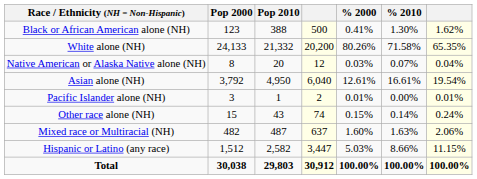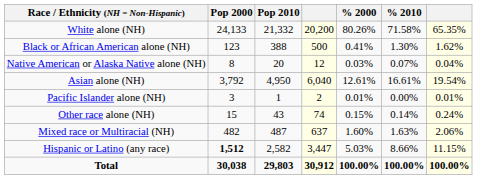 <table class="wikitable" style="text-align:center;">
 <tr>
 <th>Race / Ethnicity <small>(<em>NH = Non-Hispanic</em>)</small></th>
 <th>Pop 2000</th>
 <th>Pop 2010</th>
 <th></th>
 <th>% 2000</th>
 <th>% 2010</th>
 <th></th>
 </tr>
 <tr>
+<td><a href='#'>White</a> alone (NH)</td>
+<td>24,133</td>
+<td>21,332</td>
+<td style='background: #ffffe6;'>20,200</td>
+<td>80.26%</td>
+<td>71.58%</td>
+<td style='background: #ffffe6;'>65.35%</td>
+</tr>
+<tr>
 <td><a href='#'>Black or African American</a> alone (NH)</td>
 <td>123</td>
 <td>388</td>
 <td style='background: #ffffe6;'>500</td>
 <td>0.41%</td>
 <td>1.30%</td>
 <td style='background: #ffffe6;'>1.62%</td>
-</tr>
-<tr>
-<td><a href='#'>White</a> alone (NH)</td>
-<td>24,133</td>
-<td>21,332</td>
-<td style='background: #ffffe6;'>20,200</td>
-<td>80.26%</td>
-<td>71.58%</td>
-<td style='background: #ffffe6;'>65.35%</td>
 </tr>
 <tr>
 <td><a href='#'>Native American</a> or <a href='#'>Alaska Native</a> alone (NH)</td>
 <td>8</td>
 <td>20</td>
 <td style='background: #ffffe6;'>12</td>
 <td>0.03%</td>
 <td>0.07%</td>
 <td style='background: #ffffe6;'>0.04%</td>
 </tr>
 <tr>
 <td><a href='#'>Asian</a> alone (NH)</td>
 <td>3,792</td>
 <td>4,950</td>
 <td style='background: #ffffe6;'>6,040</td>
 <td>12.61%</td>
 <td>16.61%</td>
 <td style='background: #ffffe6;'>19.54%</td>
 </tr>
 <tr>
 <td><a href='#'>Pacific Islander</a> alone (NH)</td>
 <td>3</td>
 <td>1</td>
 <td style='background: #ffffe6;'>2</td>
 <td>0.01%</td>
 <td>0.00%</td>
 <td style='background: #ffffe6;'>0.01%</td>
 </tr>
 <tr>
 <td><a href='#'>Other race</a> alone (NH)</td>
 <td>15</td>
 <td>43</td>
 <td style='background: #ffffe6;'>74</td>
 <td>0.15%</td>
 <td>0.14%</td>
 <td style='background: #ffffe6;'>0.24%</td>
 </tr>
 <tr>
 <td><a href='#'>Mixed race or Multiracial</a> (NH)</td>
 <td>482</td>
 <td>487</td>
 <td style='background: #ffffe6;'>637</td>
 <td>1.60%</td>
 <td>1.63%</td>
 <td style='background: #ffffe6;'>2.06%</td>
 </tr>
 <tr>
 <td><a href='#'>Hispanic or Latino</a> (any race)</td>
-<td>1,512</td>
+<td><strong>1,512</strong></td>
 <td>2,582</td>
 <td style='background: #ffffe6;'>3,447</td>
 <td>5.03%</td>
 <td>8.66%</td>
 <td style='background: #ffffe6;'>11.15%</td>
 </tr>
 <tr>
 <td><strong>Total</strong></td>
 <td><strong>30,038</strong></td>
 <td><strong>29,803</strong></td>
 <td style='background: #ffffe6;'><strong>30,912</strong></td>
 <td><strong>100.00%</strong></td>
 <td><strong>100.00%</strong></td>
 <td style='background: #ffffe6;'><strong>100.00%</strong></td>
 </tr>
 </table>
